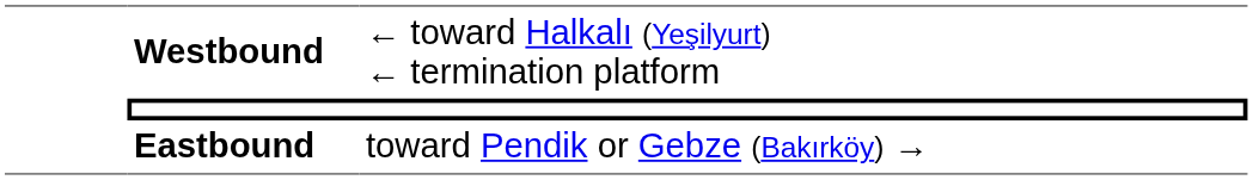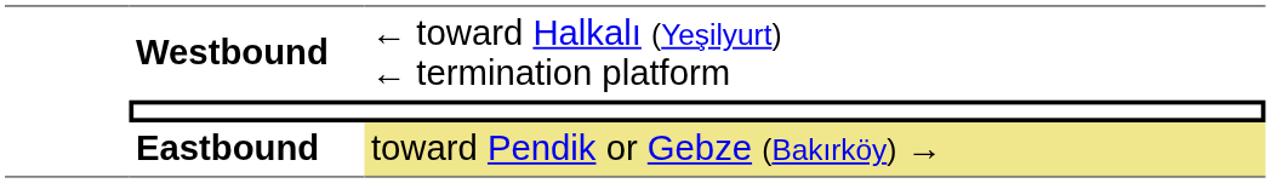 <table table border=0 cellspacing=0 cellpadding=3>
 <tr>
 <td style="border-top:solid 1px gray;border-bottom:solid 1px gray;" width=50 rowspan=3 valign=top></td>
 <td style="border-top:solid 1px gray;" width=100><strong>Westbound</strong></td>
 <td style="border-top:solid 1px gray;" width=400>←  toward <a href='#'>Halkalı</a> <small>(<a href='#'>Yeşilyurt</a>)</small><br>←  termination platform</td>
 </tr>
 <tr>
 <td style="border-top:solid 2px black;border-right:solid 2px black;border-left:solid 2px black;border-bottom:solid 2px black;text-align:center;" colspan=2></td>
 </tr>
 <tr>
 <td style="border-bottom:solid 1px gray;"><strong>Eastbound</strong></td>
-<td style="border-bottom:solid 1px gray;"> toward <a href='#'>Pendik</a> or <a href='#'>Gebze</a> <small>(<a href='#'>Bakırköy</a>)</small> →</td>
+<td style="background: khaki; border-bottom:solid 1px gray;"> toward <a href='#'>Pendik</a> or <a href='#'>Gebze</a> <small>(<a href='#'>Bakırköy</a>)</small> →</td>
 </tr>
 </table>
